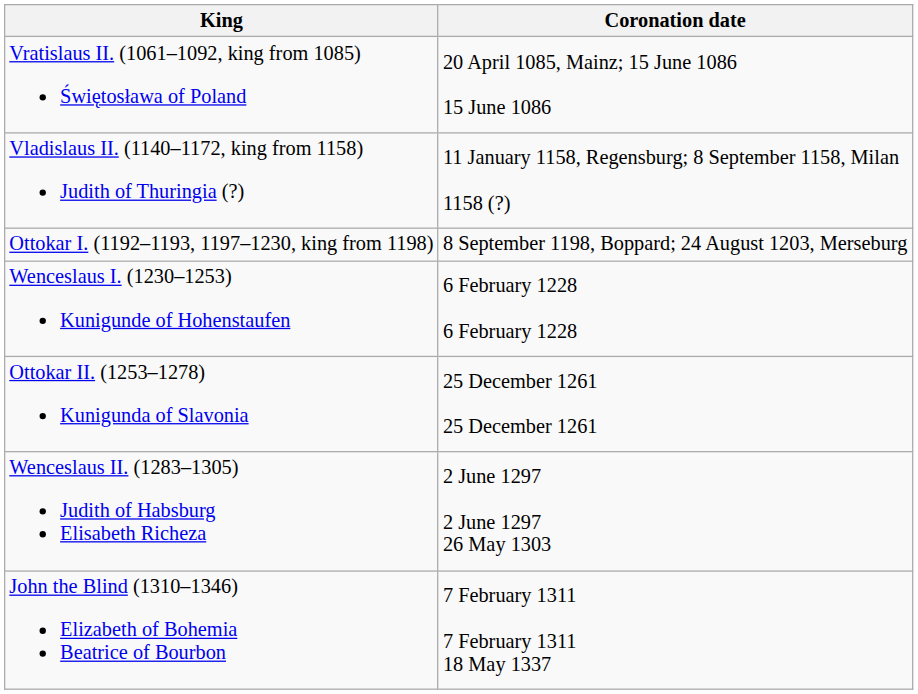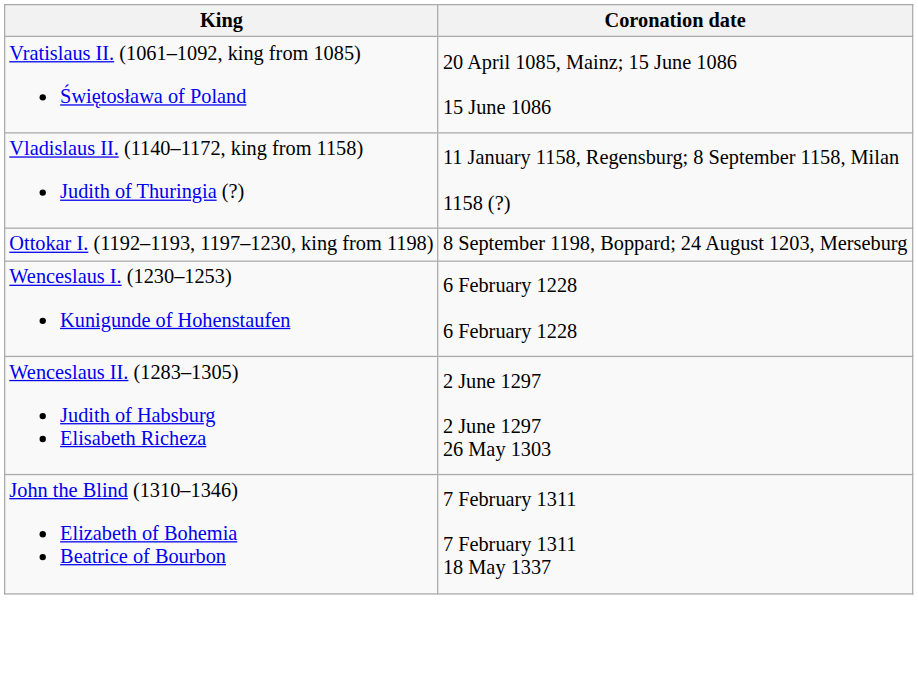 <table class=wikitable>
 <tr>
 <th>King</th>
 <th>Coronation date</th>
 </tr>
 <tr>
 <td><a href='#'>Vratislaus II.</a> (1061–1092, king from 1085)<br><ul><li><a href='#'>Świętosława of Poland</a></li></ul></td>
 <td>20 April 1085, Mainz; 15 June 1086<br><br>15 June 1086</td>
 </tr>
 <tr>
 <td><a href='#'>Vladislaus II.</a> (1140–1172, king from 1158)<br><ul><li><a href='#'>Judith of Thuringia</a> (?)</li></ul></td>
 <td>11 January 1158, Regensburg; 8 September 1158, Milan<br><br>1158 (?)</td>
 </tr>
 <tr>
 <td><a href='#'>Ottokar I.</a> (1192–1193, 1197–1230, king from 1198)</td>
 <td>8 September 1198, Boppard; 24 August 1203, Merseburg</td>
 </tr>
 <tr>
 <td><a href='#'>Wenceslaus I.</a> (1230–1253)<br><ul><li><a href='#'>Kunigunde of Hohenstaufen</a></li></ul></td>
 <td>6 February 1228<br><br>6 February 1228</td>
 </tr>
 <tr>
-<td><a href='#'>Ottokar II.</a> (1253–1278)<br><ul><li><a href='#'>Kunigunda of Slavonia</a></li></ul></td>
-<td>25 December 1261<br><br>25 December 1261</td>
-</tr>
-<tr>
 <td><a href='#'>Wenceslaus II.</a> (1283–1305)<br><ul><li><a href='#'>Judith of Habsburg</a></li><li><a href='#'>Elisabeth Richeza</a></li></ul></td>
 <td>2 June 1297<br><br>2 June 1297<br> 26 May 1303</td>
 </tr>
 <tr>
 <td><a href='#'>John the Blind</a> (1310–1346)<br><ul><li><a href='#'>Elizabeth of Bohemia</a></li><li><a href='#'>Beatrice of Bourbon</a></li></ul></td>
 <td>7 February 1311<br><br>7 February 1311<br> 18 May 1337</td>
 </tr>
 </table>
